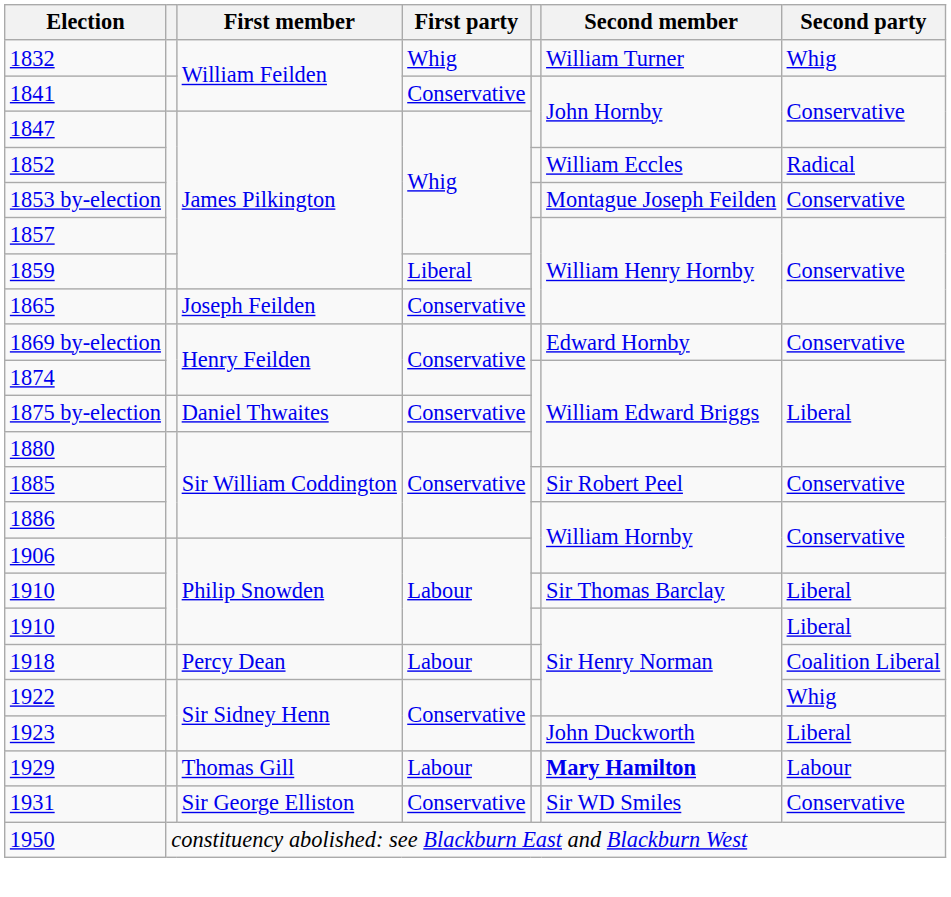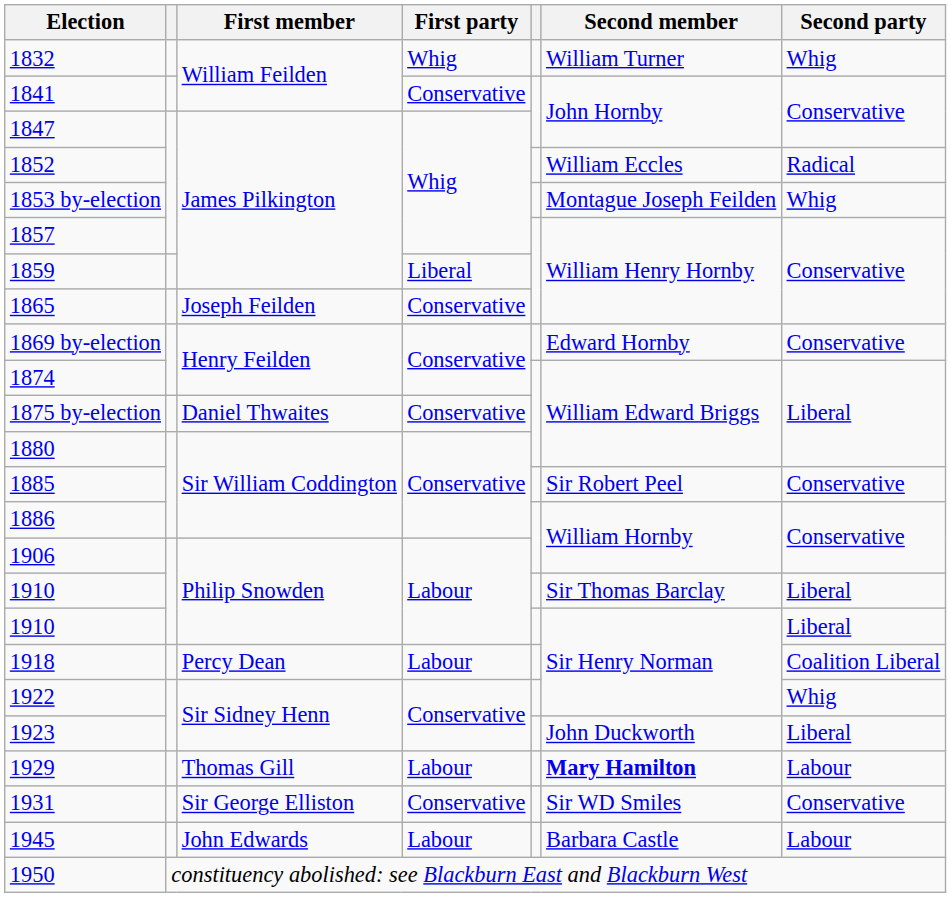 <table class="wikitable">
 <tr>
 <th>Election</th>
 <th></th>
 <th>First member</th>
 <th>First party<br></th>
 <th></th>
 <th>Second member</th>
 <th>Second party</th>
 </tr>
 <tr>
 <td><a href='#'>1832</a></td>
 <td style="color:inherit;background-color: "></td>
 <td rowspan="2"><a href='#'>William Feilden</a></td>
 <td><a href='#'>Whig</a></td>
 <td style="color:inherit;background-color: "></td>
 <td><a href='#'>William Turner</a></td>
 <td><a href='#'>Whig</a></td>
 </tr>
 <tr>
 <td><a href='#'>1841</a></td>
 <td style="color:inherit;background-color: "></td>
 <td><a href='#'>Conservative</a></td>
 <td rowspan="2" style="color:inherit;background-color: "></td>
 <td rowspan="2"><a href='#'>John Hornby</a></td>
 <td rowspan="2"><a href='#'>Conservative</a></td>
 </tr>
 <tr>
 <td><a href='#'>1847</a></td>
 <td rowspan="4" style="color:inherit;background-color: "></td>
 <td rowspan="5"><a href='#'>James Pilkington</a></td>
 <td rowspan="4"><a href='#'>Whig</a></td>
 </tr>
 <tr>
 <td><a href='#'>1852</a></td>
 <td style="color:inherit;background-color: "></td>
 <td><a href='#'>William Eccles</a></td>
 <td><a href='#'>Radical</a></td>
 </tr>
 <tr>
 <td><a href='#'>1853 by-election</a></td>
 <td style="color:inherit;background-color: "></td>
 <td><a href='#'>Montague Joseph Feilden</a></td>
-<td><a href='#'>Conservative</a></td>
+<td><a href='#'>Whig</a></td>
 </tr>
 <tr>
 <td><a href='#'>1857</a></td>
 <td rowspan="3" style="color:inherit;background-color: "></td>
 <td rowspan="3"><a href='#'>William Henry Hornby</a></td>
 <td rowspan="3"><a href='#'>Conservative</a></td>
 </tr>
 <tr>
 <td><a href='#'>1859</a></td>
 <td style="color:inherit;background-color: "></td>
 <td><a href='#'>Liberal</a></td>
 </tr>
 <tr>
 <td><a href='#'>1865</a></td>
 <td style="color:inherit;background-color: "></td>
 <td><a href='#'>Joseph Feilden</a></td>
 <td><a href='#'>Conservative</a></td>
 </tr>
 <tr>
 <td><a href='#'>1869 by-election</a></td>
 <td rowspan="2" style="color:inherit;background-color: "></td>
 <td rowspan="2"><a href='#'>Henry Feilden</a></td>
 <td rowspan="2"><a href='#'>Conservative</a></td>
 <td style="color:inherit;background-color: "></td>
 <td><a href='#'>Edward Hornby</a></td>
 <td><a href='#'>Conservative</a></td>
 </tr>
 <tr>
 <td><a href='#'>1874</a></td>
 <td rowspan="3" style="color:inherit;background-color: "></td>
 <td rowspan="3"><a href='#'>William Edward Briggs</a></td>
 <td rowspan="3"><a href='#'>Liberal</a></td>
 </tr>
 <tr>
 <td><a href='#'>1875 by-election</a></td>
 <td style="color:inherit;background-color: "></td>
 <td><a href='#'>Daniel Thwaites</a></td>
 <td><a href='#'>Conservative</a></td>
 </tr>
 <tr>
 <td><a href='#'>1880</a></td>
 <td rowspan="3" style="color:inherit;background-color: "></td>
 <td rowspan="3"><a href='#'>Sir William Coddington</a></td>
 <td rowspan="3"><a href='#'>Conservative</a></td>
 </tr>
 <tr>
 <td><a href='#'>1885</a></td>
 <td style="color:inherit;background-color: "></td>
 <td><a href='#'>Sir Robert Peel</a></td>
 <td><a href='#'>Conservative</a></td>
 </tr>
 <tr>
 <td><a href='#'>1886</a></td>
 <td rowspan="2" style="color:inherit;background-color: "></td>
 <td rowspan="2"><a href='#'>William Hornby</a></td>
 <td rowspan="2"><a href='#'>Conservative</a></td>
 </tr>
 <tr>
 <td><a href='#'>1906</a></td>
 <td rowspan="3" style="color:inherit;background-color: "></td>
 <td rowspan="3"><a href='#'>Philip Snowden</a></td>
 <td rowspan="3"><a href='#'>Labour</a></td>
 </tr>
 <tr>
 <td><a href='#'>1910</a></td>
 <td style="color:inherit;background-color: "></td>
 <td><a href='#'>Sir Thomas Barclay</a></td>
 <td><a href='#'>Liberal</a></td>
 </tr>
 <tr>
 <td><a href='#'>1910</a></td>
 <td style="color:inherit;background-color: "></td>
 <td rowspan="3"><a href='#'>Sir Henry Norman</a></td>
 <td><a href='#'>Liberal</a></td>
 </tr>
 <tr>
 <td><a href='#'>1918</a></td>
 <td style="color:inherit;background-color: "></td>
 <td><a href='#'>Percy Dean</a></td>
 <td><a href='#'>Labour</a></td>
 <td style="color:inherit;background-color: "></td>
 <td><a href='#'>Coalition Liberal</a></td>
 </tr>
 <tr>
 <td><a href='#'>1922</a></td>
 <td rowspan="2" style="color:inherit;background-color: "></td>
 <td rowspan="2"><a href='#'>Sir Sidney Henn</a></td>
 <td rowspan="2"><a href='#'>Conservative</a></td>
 <td style="color:inherit;background-color: "></td>
 <td><a href='#'>Whig</a></td>
 </tr>
 <tr>
 <td><a href='#'>1923</a></td>
 <td style="color:inherit;background-color: "></td>
 <td><a href='#'>John Duckworth</a></td>
 <td><a href='#'>Liberal</a></td>
 </tr>
 <tr>
 <td><a href='#'>1929</a></td>
 <td style="color:inherit;background-color: "></td>
 <td><a href='#'>Thomas Gill</a></td>
 <td><a href='#'>Labour</a></td>
 <td style="color:inherit;background-color: "></td>
 <td><strong><a href='#'>Mary Hamilton</a></strong></td>
 <td><a href='#'>Labour</a></td>
 </tr>
 <tr>
 <td><a href='#'>1931</a></td>
 <td style="color:inherit;background-color: "></td>
 <td><a href='#'>Sir George Elliston</a></td>
 <td><a href='#'>Conservative</a></td>
 <td style="color:inherit;background-color: "></td>
 <td><a href='#'>Sir WD Smiles</a></td>
 <td><a href='#'>Conservative</a></td>
 </tr>
 <tr>
+<td><a href='#'>1945</a></td>
+<td style="color:inherit;background-color: "></td>
+<td><a href='#'>John Edwards</a></td>
+<td><a href='#'>Labour</a></td>
+<td style="color:inherit;background-color: "></td>
+<td><a href='#'>Barbara Castle</a></td>
+<td><a href='#'>Labour</a></td>
+</tr>
+<tr>
 <td><a href='#'>1950</a></td>
 <td colspan="6"><em>constituency abolished: see <a href='#'>Blackburn East</a> and <a href='#'>Blackburn West</a></em></td>
 </tr>
 </table>
